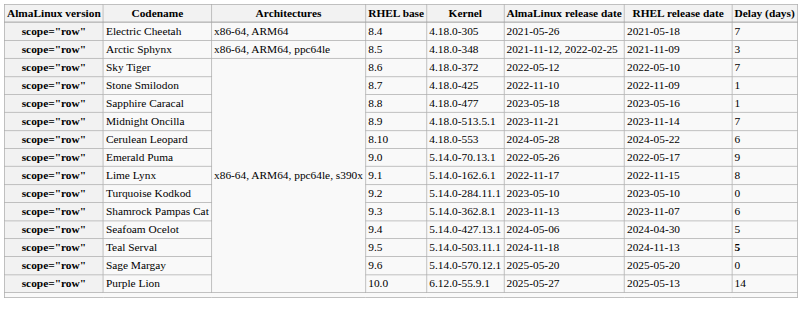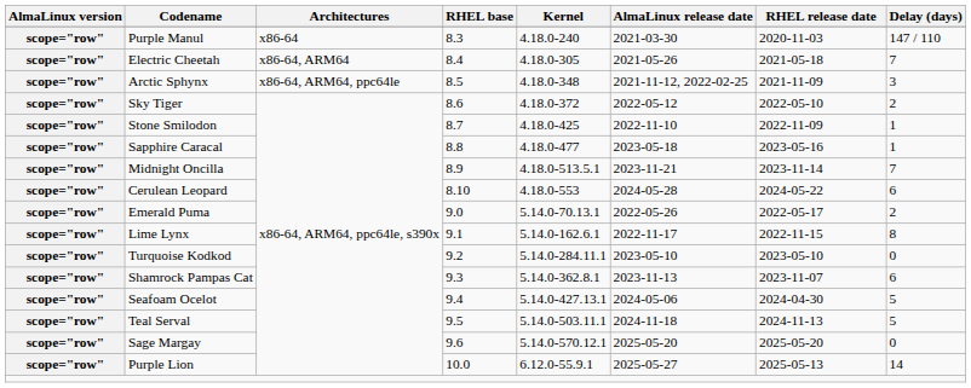 <table class="wikitable collapsible sortable">
 <tr>
 <th scope="col">AlmaLinux version</th>
 <th scope="col">Codename</th>
 <th scope="col">Architectures</th>
 <th scope="col">RHEL base</th>
 <th scope="col">Kernel</th>
 <th scope="col" style="min-width: 9em;">AlmaLinux release date</th>
 <th scope="col" style="min-width: 9em;">RHEL release date</th>
 <th scope="col">Delay (days)</th>
 </tr>
 <tr>
+</tr>
+<tr>
+<th>scope="row" </th>
+<td>Purple Manul</td>
+<td>x86-64</td>
+<td>8.3</td>
+<td>4.18.0-240</td>
+<td>2021-03-30</td>
+<td>2020-11-03</td>
+<td>147 / 110</td>
 </tr>
 <tr>
 <th>scope="row" </th>
 <td>Electric Cheetah</td>
 <td>x86-64, ARM64</td>
 <td>8.4</td>
 <td>4.18.0-305</td>
 <td>2021-05-26</td>
 <td>2021-05-18</td>
 <td>7</td>
 </tr>
 <tr>
 <th>scope="row" </th>
 <td>Arctic Sphynx</td>
 <td>x86-64, ARM64, ppc64le</td>
 <td>8.5</td>
 <td>4.18.0-348</td>
 <td>2021-11-12, 2022-02-25</td>
 <td>2021-11-09</td>
 <td>3</td>
 </tr>
 <tr>
 <th>scope="row" </th>
 <td>Sky Tiger</td>
 <td rowspan="13">x86-64, ARM64, ppc64le, s390x</td>
 <td>8.6</td>
 <td>4.18.0-372</td>
 <td>2022-05-12</td>
 <td>2022-05-10</td>
-<td>7</td>
+<td>2</td>
 </tr>
 <tr>
 <th>scope="row" </th>
 <td>Stone Smilodon</td>
 <td>8.7</td>
 <td>4.18.0-425</td>
 <td>2022-11-10</td>
 <td>2022-11-09</td>
 <td>1</td>
 </tr>
 <tr>
 <th>scope="row" </th>
 <td>Sapphire Caracal</td>
 <td>8.8</td>
 <td>4.18.0-477</td>
 <td>2023-05-18</td>
 <td>2023-05-16</td>
 <td>1</td>
 </tr>
 <tr>
 <th>scope="row" </th>
 <td>Midnight Oncilla</td>
 <td>8.9</td>
 <td>4.18.0-513.5.1</td>
 <td>2023-11-21</td>
 <td>2023-11-14</td>
 <td>7</td>
 </tr>
 <tr>
 <th>scope="row" </th>
 <td>Cerulean Leopard</td>
 <td>8.10</td>
 <td>4.18.0-553</td>
 <td>2024-05-28</td>
 <td>2024-05-22</td>
 <td>6</td>
 </tr>
 <tr>
 <th>scope="row" </th>
 <td>Emerald Puma</td>
 <td>9.0</td>
 <td>5.14.0-70.13.1</td>
 <td>2022-05-26</td>
 <td>2022-05-17</td>
-<td>9</td>
+<td>2</td>
 </tr>
 <tr>
 <th>scope="row" </th>
 <td>Lime Lynx</td>
 <td>9.1</td>
 <td>5.14.0-162.6.1</td>
 <td>2022-11-17</td>
 <td>2022-11-15</td>
 <td>8</td>
 </tr>
 <tr>
 <th>scope="row" </th>
 <td>Turquoise Kodkod</td>
 <td>9.2</td>
 <td>5.14.0-284.11.1</td>
 <td>2023-05-10</td>
 <td>2023-05-10</td>
 <td>0</td>
 </tr>
 <tr>
 <th>scope="row" </th>
 <td>Shamrock Pampas Cat</td>
 <td>9.3</td>
 <td>5.14.0-362.8.1</td>
 <td>2023-11-13</td>
 <td>2023-11-07</td>
 <td>6</td>
 </tr>
 <tr>
 <th>scope="row" </th>
 <td>Seafoam Ocelot</td>
 <td>9.4</td>
 <td>5.14.0-427.13.1</td>
 <td>2024-05-06</td>
 <td>2024-04-30</td>
 <td>5</td>
 </tr>
 <tr>
 <th>scope="row" </th>
 <td>Teal Serval</td>
 <td>9.5</td>
 <td>5.14.0-503.11.1</td>
 <td>2024-11-18</td>
 <td>2024-11-13</td>
-<td><strong>5</strong></td>
+<td>5</td>
 </tr>
 <tr>
 <th>scope="row" </th>
 <td>Sage Margay</td>
 <td>9.6</td>
 <td>5.14.0-570.12.1</td>
 <td>2025-05-20</td>
 <td>2025-05-20</td>
 <td>0</td>
 </tr>
 <tr>
 <th>scope="row" </th>
 <td>Purple Lion</td>
 <td>10.0</td>
 <td>6.12.0-55.9.1</td>
 <td>2025-05-27</td>
 <td>2025-05-13</td>
 <td>14</td>
 </tr>
 <tr>
 <td colspan="8"><small></small></td>
 </tr>
 </table>
